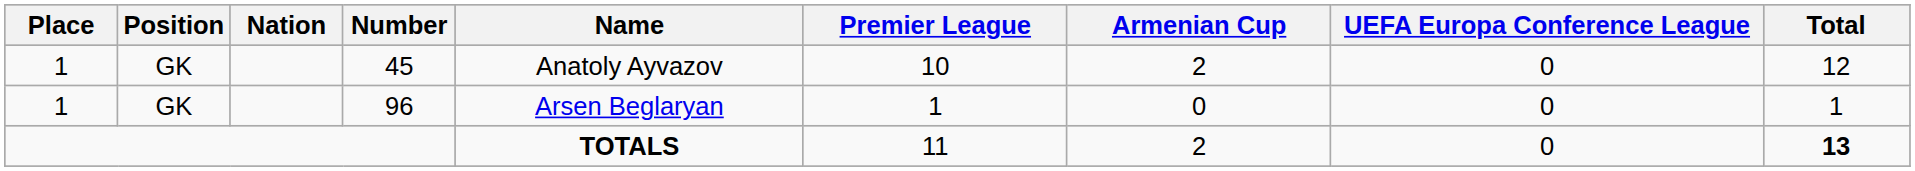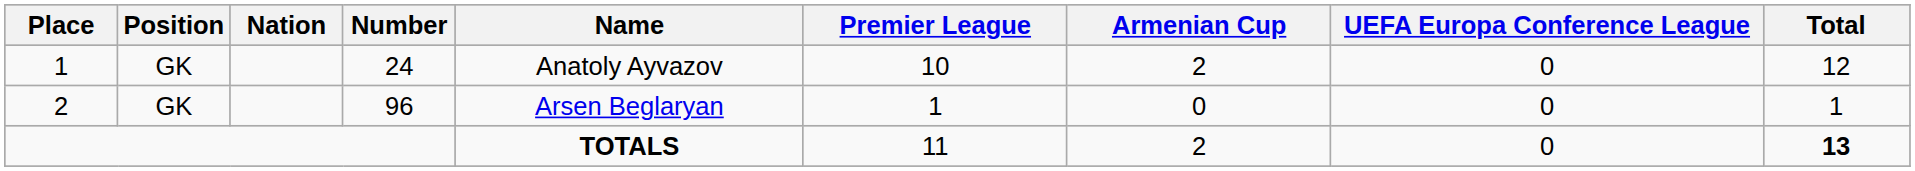 <table class="wikitable" style="font-size: 95%; text-align: center;">
 <tr>
 <th width=60>Place</th>
 <th width=60>Position</th>
 <th width=60>Nation</th>
 <th width=60>Number</th>
 <th width=200>Name</th>
 <th width=150><a href='#'>Premier League</a></th>
 <th width=150><a href='#'>Armenian Cup</a></th>
 <th width=250><a href='#'>UEFA Europa Conference League</a></th>
 <th width=80><strong>Total</strong></th>
 </tr>
 <tr>
 <td>1</td>
 <td>GK</td>
 <td></td>
-<td>45</td>
+<td>24</td>
 <td>Anatoly Ayvazov</td>
 <td>10</td>
 <td>2</td>
 <td>0</td>
 <td>12</td>
 </tr>
 <tr>
-<td>1</td>
+<td>2</td>
 <td>GK</td>
 <td></td>
 <td>96</td>
 <td><a href='#'>Arsen Beglaryan</a></td>
 <td>1</td>
 <td>0</td>
 <td>0</td>
 <td>1</td>
 </tr>
 <tr>
 <td colspan="4"></td>
 <td><strong>TOTALS</strong></td>
 <td>11</td>
 <td>2</td>
 <td>0</td>
 <td><strong>13</strong></td>
 </tr>
 </table>
